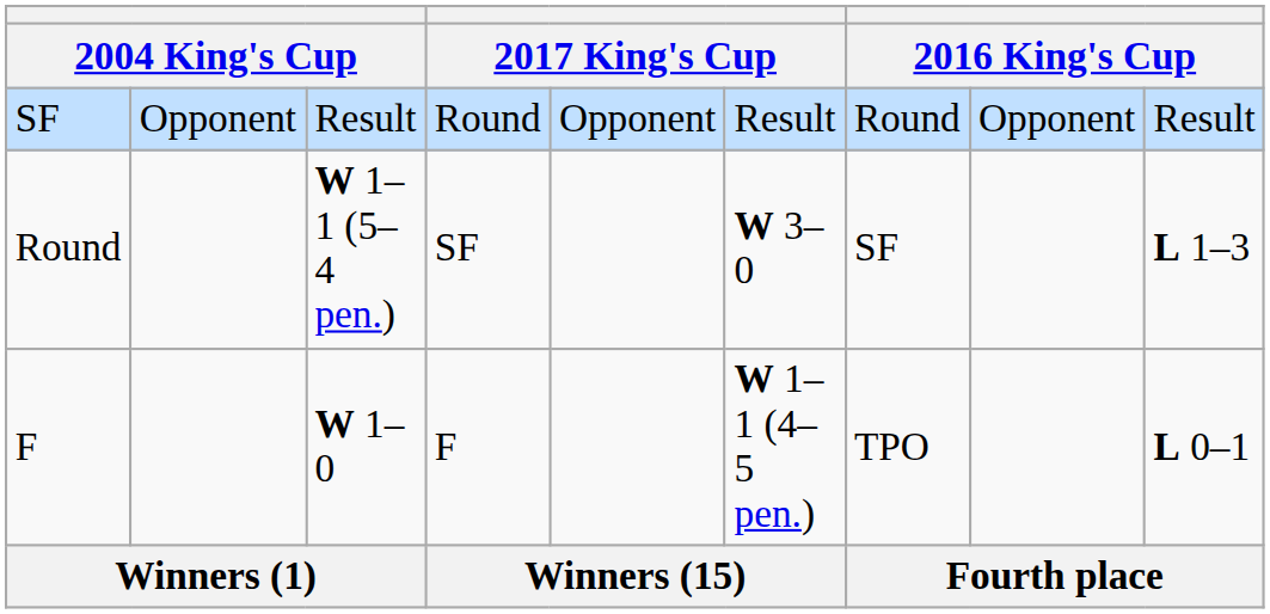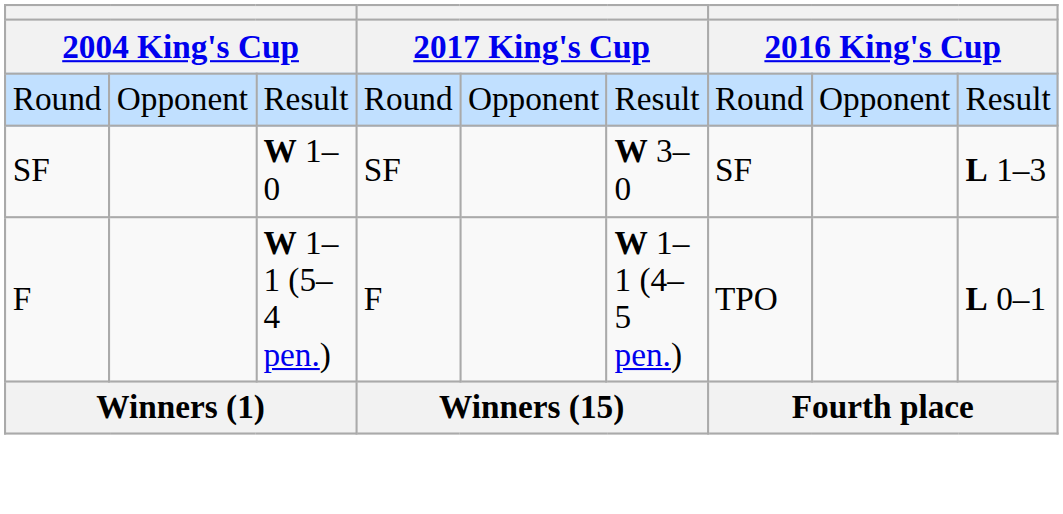 <table class="wikitable" style="text-align: centre;width: 80%">
 <tr>
 <th colspan=3></th>
 <th colspan=3></th>
 <th colspan=3></th>
 </tr>
 <tr>
 <th colspan=3><a href='#'>2004 King's Cup</a></th>
 <th colspan=3><a href='#'>2017 King's Cup</a></th>
 <th colspan=3><a href='#'>2016 King's Cup</a></th>
 </tr>
 <tr bgcolor=#c1e0ff>
-<td>SF</td>
+<td>Round</td>
 <td>Opponent</td>
 <td>Result</td>
 <td>Round</td>
 <td>Opponent</td>
 <td>Result</td>
 <td>Round</td>
 <td>Opponent</td>
 <td>Result</td>
 </tr>
 <tr>
-<td>Round</td>
+<td>SF</td>
 <td align=left></td>
-<td><strong>W</strong> 1–1 (5–4 <a href='#'>pen.</a>)</td>
+<td><strong>W</strong> 1–0</td>
 <td>SF</td>
 <td align=left></td>
 <td><strong>W</strong> 3–0</td>
 <td>SF</td>
 <td align=left></td>
 <td><strong>L</strong> 1–3</td>
 </tr>
 <tr>
 <td>F</td>
 <td align=left></td>
-<td><strong>W</strong> 1–0</td>
+<td><strong>W</strong> 1–1 (5–4 <a href='#'>pen.</a>)</td>
 <td>F</td>
 <td align=left></td>
 <td><strong>W</strong> 1–1 (4–5 <a href='#'>pen.</a>)</td>
 <td>TPO</td>
 <td align=left></td>
 <td><strong>L</strong> 0–1</td>
 </tr>
 <tr>
 <th colspan=3>Winners (1)</th>
 <th colspan=3>Winners (15)</th>
 <th colspan=3>Fourth place</th>
 </tr>
 </table>
